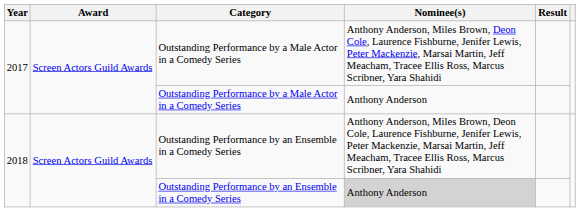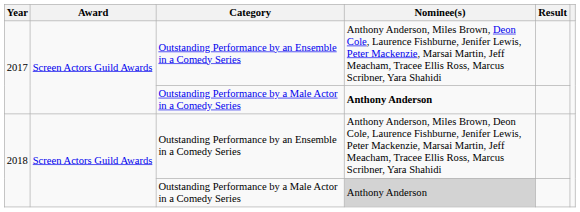 <table class="wikitable sortable" style="width:98%">
 <tr>
 <th scope="col" style="width:3%;">Year</th>
 <th scope="col" style="width:22%;">Award</th>
 <th scope="col" style="width:33%;">Category</th>
 <th>Nominee(s)</th>
 <th scope="col" style="width:6%;">Result</th>
 <th scope="col" class="unsortable" style="width:1%;"></th>
 </tr>
 <tr>
 <td rowspan="2">2017</td>
 <td rowspan="2"><a href='#'>Screen Actors Guild Awards</a></td>
-<td>Outstanding Performance by a Male Actor in a Comedy Series</td>
+<td><a href='#'>Outstanding Performance by an Ensemble in a Comedy Series</a></td>
 <td>Anthony Anderson, Miles Brown, <a href='#'>Deon Cole</a>, Laurence Fishburne, Jenifer Lewis, <a href='#'>Peter Mackenzie</a>, Marsai Martin, Jeff Meacham, Tracee Ellis Ross, Marcus Scribner, Yara Shahidi</td>
 <td></td>
 <td rowspan="2"></td>
 </tr>
 <tr>
 <td><a href='#'>Outstanding Performance by a Male Actor in a Comedy Series</a></td>
-<td>Anthony Anderson</td>
+<td><strong>Anthony Anderson</strong></td>
 <td></td>
 </tr>
 <tr>
 <td rowspan="2">2018</td>
 <td rowspan="2"><a href='#'>Screen Actors Guild Awards</a></td>
 <td>Outstanding Performance by an Ensemble in a Comedy Series</td>
 <td>Anthony Anderson, Miles Brown, Deon Cole, Laurence Fishburne, Jenifer Lewis, Peter Mackenzie, Marsai Martin, Jeff Meacham, Tracee Ellis Ross, Marcus Scribner, Yara Shahidi</td>
 <td></td>
 <td rowspan="2"></td>
 </tr>
 <tr>
-<td><a href='#'>Outstanding Performance by an Ensemble in a Comedy Series</a></td>
+<td>Outstanding Performance by a Male Actor in a Comedy Series</td>
 <td style="background: lightgrey;">Anthony Anderson</td>
 <td></td>
 </tr>
 </table>
